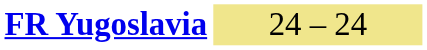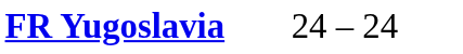 <table style="text-align:center">
 <tr>
 <th width=200></th>
 <th width=100></th>
 <th width=200></th>
 </tr>
 <tr>
 <td align=right><strong><a href='#'>FR Yugoslavia</a> </strong></td>
-<td style="background: khaki;">24 – 24</td>
+<td>24 – 24</td>
 <td align=left><strong></strong></td>
 </tr>
 </table>
